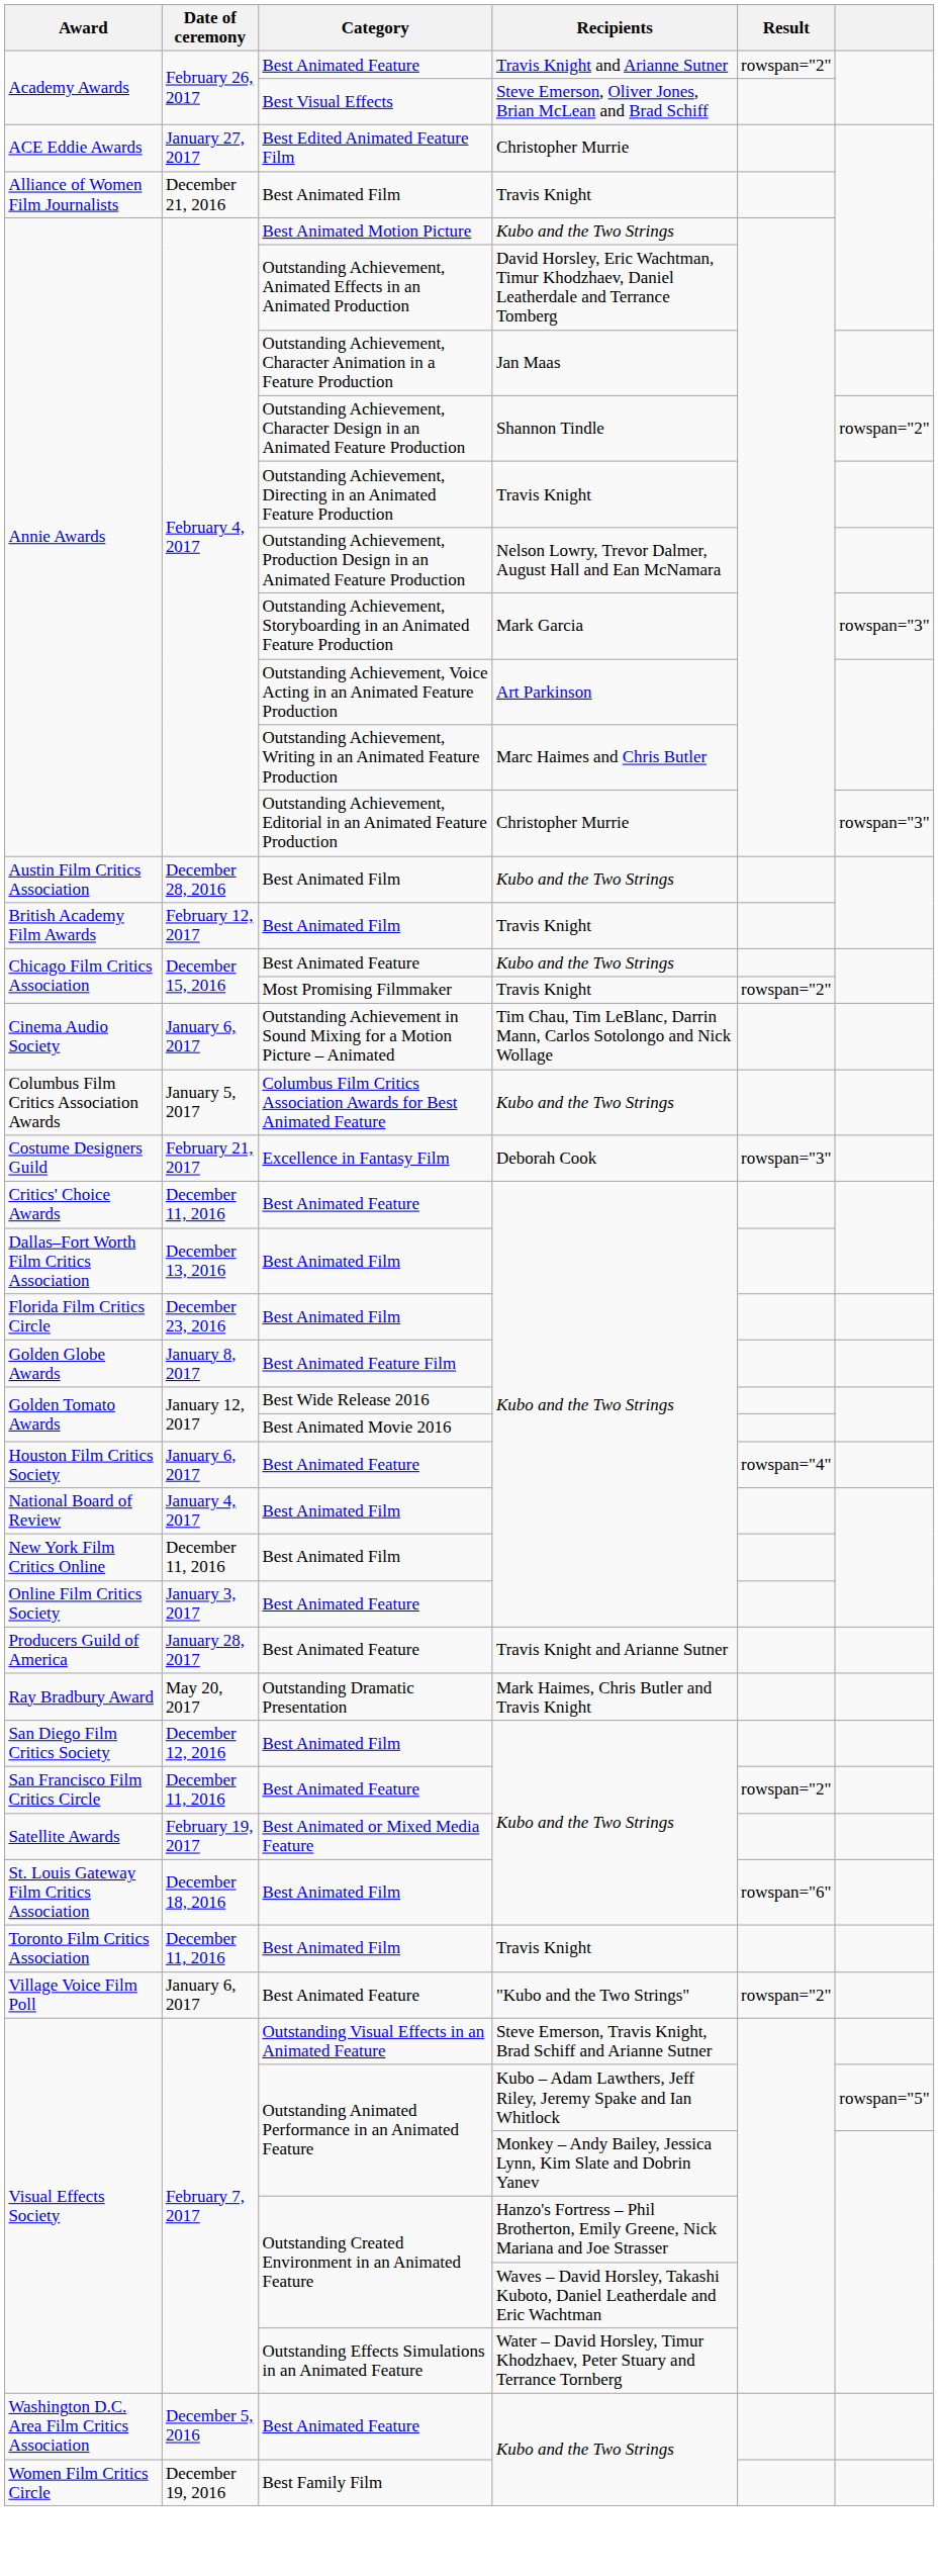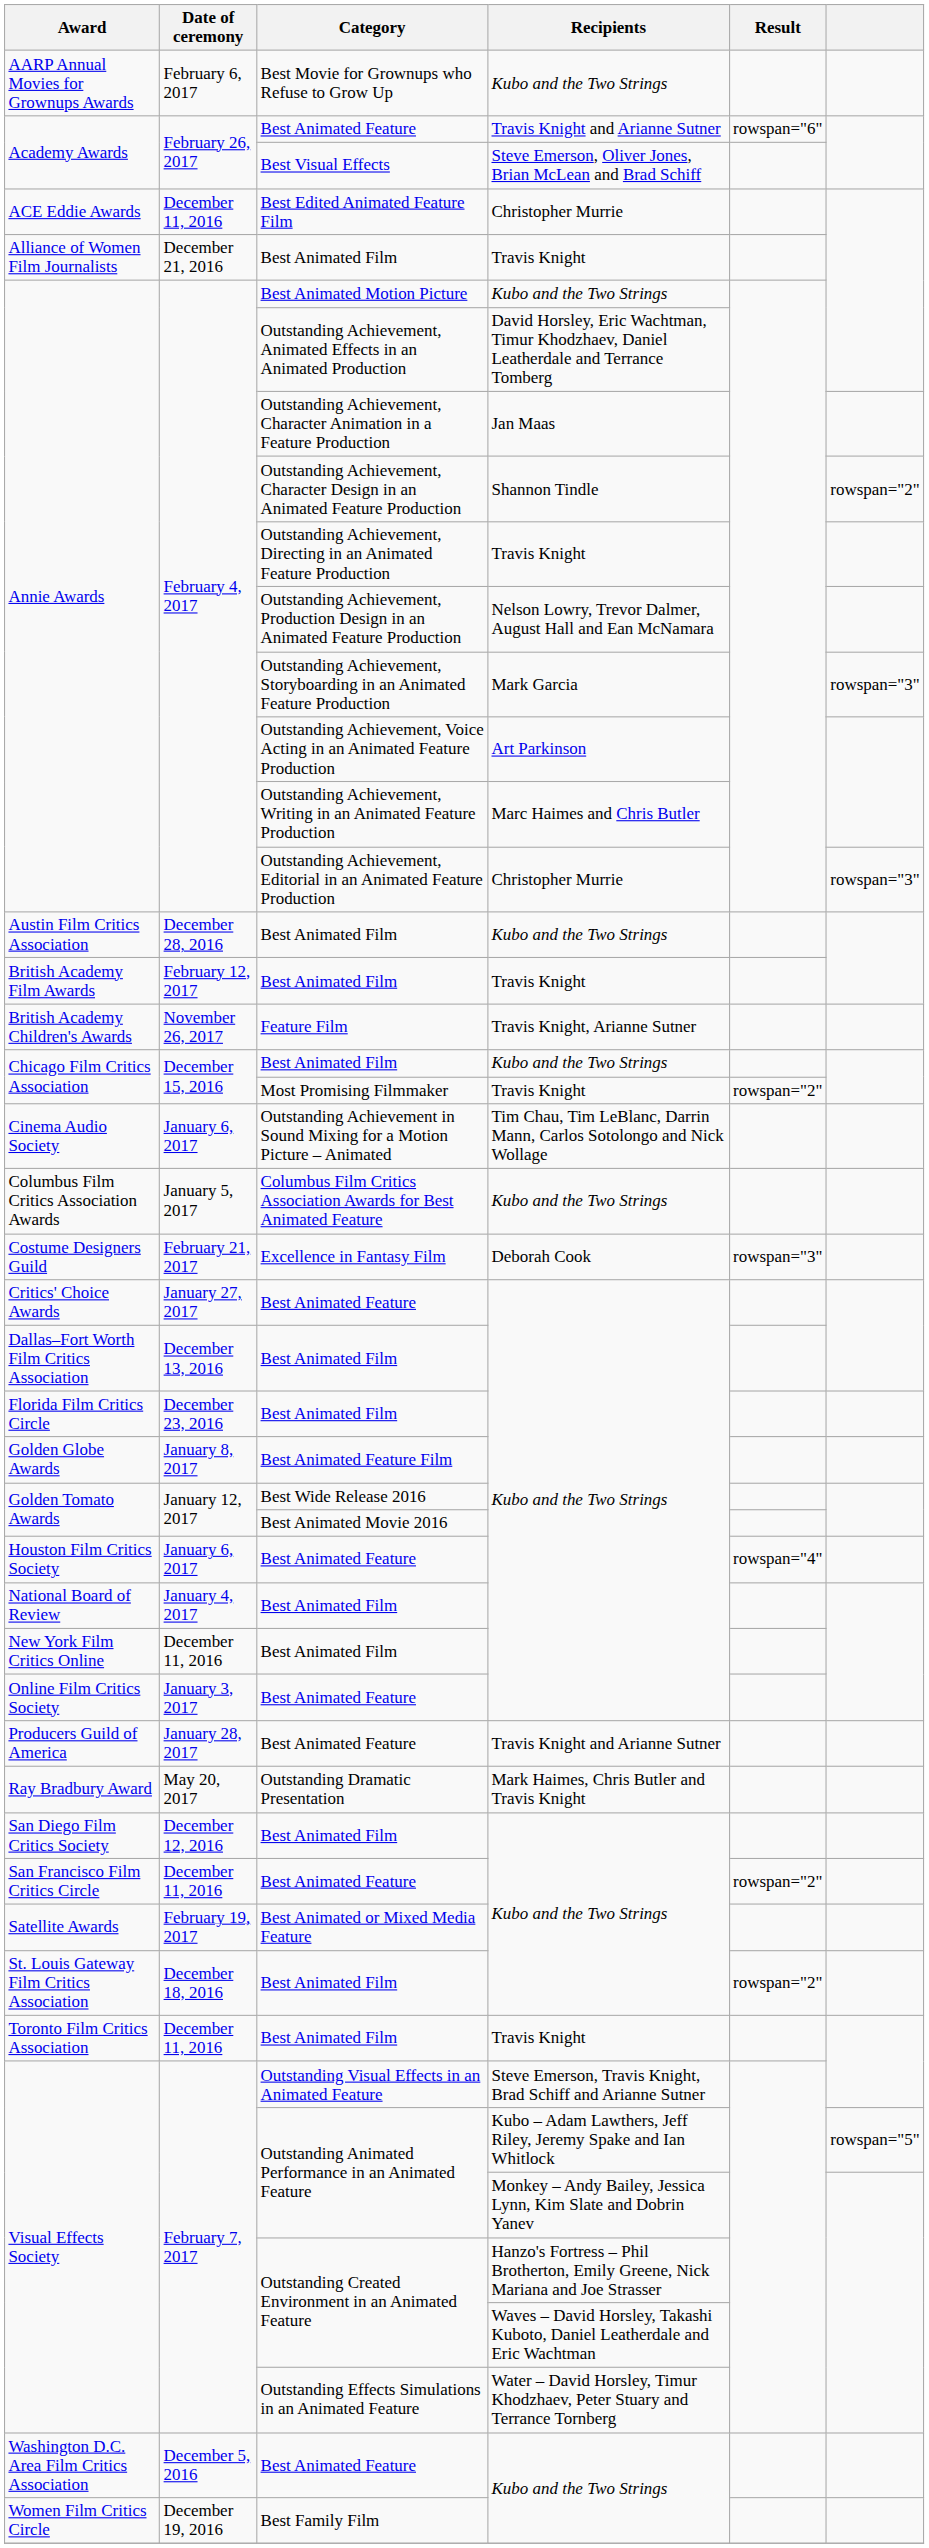 <table class="wikitable plainrowheaders sortable">
 <tr>
 <th scope="col">Award</th>
 <th scope="col">Date of ceremony</th>
 <th scope="col">Category</th>
 <th scope="col">Recipients</th>
 <th scope="col">Result</th>
 <th scope="col" class="unsortable"></th>
 </tr>
 <tr>
+<td><a href='#'>AARP Annual Movies for Grownups Awards</a></td>
+<td>February 6, 2017</td>
+<td>Best Movie for Grownups who Refuse to Grow Up</td>
+<td><em>Kubo and the Two Strings</em></td>
+<td></td>
+<td></td>
+</tr>
+<tr>
 <td rowspan="2"><a href='#'>Academy Awards</a></td>
 <td rowspan="2"><a href='#'>February 26, 2017</a></td>
 <td><a href='#'>Best Animated Feature</a></td>
 <td><a href='#'>Travis Knight</a> and <a href='#'>Arianne Sutner</a></td>
-<td>rowspan="2" </td>
+<td>rowspan="6" </td>
 <td rowspan="2"></td>
 </tr>
 <tr>
 <td><a href='#'>Best Visual Effects</a></td>
 <td><a href='#'>Steve Emerson</a>, <a href='#'>Oliver Jones</a>, <a href='#'>Brian McLean</a> and <a href='#'>Brad Schiff</a></td>
 </tr>
 <tr>
 <td><a href='#'>ACE Eddie Awards</a></td>
-<td><a href='#'>January 27, 2017</a></td>
+<td><a href='#'>December 11, 2016</a></td>
 <td><a href='#'>Best Edited Animated Feature Film</a></td>
 <td>Christopher Murrie</td>
 <td></td>
 </tr>
 <tr>
 <td><a href='#'>Alliance of Women Film Journalists</a></td>
 <td>December 21, 2016</td>
 <td>Best Animated Film</td>
 <td>Travis Knight</td>
 <td></td>
 </tr>
 <tr>
 <td rowspan="10"><a href='#'>Annie Awards</a></td>
 <td rowspan="10"><a href='#'>February 4, 2017</a></td>
 <td><a href='#'>Best Animated Motion Picture</a></td>
 <td><em>Kubo and the Two Strings</em></td>
 <td rowspan="10"></td>
 </tr>
 <tr>
 <td>Outstanding Achievement, Animated Effects in an Animated Production</td>
 <td>David Horsley, Eric Wachtman, Timur Khodzhaev, Daniel Leatherdale and Terrance Tomberg</td>
 </tr>
 <tr>
 <td>Outstanding Achievement, Character Animation in a Feature Production</td>
 <td>Jan Maas</td>
 <td></td>
 </tr>
 <tr>
 <td>Outstanding Achievement, Character Design in an Animated Feature Production</td>
 <td>Shannon Tindle</td>
 <td>rowspan="2" </td>
 </tr>
 <tr>
 <td>Outstanding Achievement, Directing in an Animated Feature Production</td>
 <td>Travis Knight</td>
 </tr>
 <tr>
 <td>Outstanding Achievement, Production Design in an Animated Feature Production</td>
 <td>Nelson Lowry, Trevor Dalmer, August Hall and Ean McNamara</td>
 <td></td>
 </tr>
 <tr>
 <td>Outstanding Achievement, Storyboarding in an Animated Feature Production</td>
 <td>Mark Garcia</td>
 <td>rowspan="3" </td>
 </tr>
 <tr>
 <td>Outstanding Achievement, Voice Acting in an Animated Feature Production</td>
 <td><a href='#'>Art Parkinson</a></td>
 </tr>
 <tr>
 <td>Outstanding Achievement, Writing in an Animated Feature Production</td>
 <td>Marc Haimes and <a href='#'>Chris Butler</a></td>
 </tr>
 <tr>
 <td>Outstanding Achievement, Editorial in an Animated Feature Production</td>
 <td>Christopher Murrie</td>
 <td>rowspan="3" </td>
 </tr>
 <tr>
 <td><a href='#'>Austin Film Critics Association</a></td>
 <td><a href='#'>December 28, 2016</a></td>
 <td>Best Animated Film</td>
 <td><em>Kubo and the Two Strings</em></td>
 <td></td>
 </tr>
 <tr>
 <td><a href='#'>British Academy Film Awards</a></td>
 <td><a href='#'>February 12, 2017</a></td>
 <td><a href='#'>Best Animated Film</a></td>
 <td>Travis Knight</td>
 <td></td>
 </tr>
 <tr>
+<td><a href='#'>British Academy Children's Awards</a></td>
+<td><a href='#'>November 26, 2017</a></td>
+<td><a href='#'>Feature Film</a></td>
+<td>Travis Knight, Arianne Sutner</td>
+<td></td>
+<td></td>
+</tr>
+<tr>
 <td rowspan="2"><a href='#'>Chicago Film Critics Association</a></td>
 <td rowspan="2"><a href='#'>December 15, 2016</a></td>
-<td>Best Animated Feature</td>
+<td><a href='#'>Best Animated Film</a></td>
 <td><em>Kubo and the Two Strings</em></td>
 <td></td>
 <td rowspan="2"></td>
 </tr>
 <tr>
 <td>Most Promising Filmmaker</td>
 <td>Travis Knight</td>
 <td>rowspan="2" </td>
 </tr>
 <tr>
 <td><a href='#'>Cinema Audio Society</a></td>
 <td><a href='#'>January 6, 2017</a></td>
 <td>Outstanding Achievement in Sound Mixing for a Motion Picture – Animated</td>
 <td>Tim Chau, Tim LeBlanc, Darrin Mann, Carlos Sotolongo and Nick Wollage</td>
 <td></td>
 </tr>
 <tr>
 <td>Columbus Film Critics Association Awards</td>
 <td>January 5, 2017</td>
 <td><a href='#'>Columbus Film Critics Association Awards for Best Animated Feature</a></td>
 <td><em>Kubo and the Two Strings</em></td>
 <td></td>
 <td></td>
 </tr>
 <tr>
 <td><a href='#'>Costume Designers Guild</a></td>
 <td><a href='#'>February 21, 2017</a></td>
 <td><a href='#'>Excellence in Fantasy Film</a></td>
 <td>Deborah Cook</td>
 <td>rowspan="3" </td>
 <td></td>
 </tr>
 <tr>
 <td><a href='#'>Critics' Choice Awards</a></td>
-<td><a href='#'>December 11, 2016</a></td>
+<td><a href='#'>January 27, 2017</a></td>
 <td><a href='#'>Best Animated Feature</a></td>
 <td rowspan="10"><em>Kubo and the Two Strings</em></td>
 <td></td>
 </tr>
 <tr>
 <td><a href='#'>Dallas–Fort Worth Film Critics Association</a></td>
 <td><a href='#'>December 13, 2016</a></td>
 <td><a href='#'>Best Animated Film</a></td>
 <td></td>
 </tr>
 <tr>
 <td><a href='#'>Florida Film Critics Circle</a></td>
 <td><a href='#'>December 23, 2016</a></td>
 <td><a href='#'>Best Animated Film</a></td>
 <td></td>
 <td></td>
 </tr>
 <tr>
 <td><a href='#'>Golden Globe Awards</a></td>
 <td><a href='#'>January 8, 2017</a></td>
 <td><a href='#'>Best Animated Feature Film</a></td>
 <td></td>
 <td></td>
 </tr>
 <tr>
 <td rowspan="2"><a href='#'>Golden Tomato Awards</a></td>
 <td rowspan="2">January 12, 2017</td>
 <td>Best Wide Release 2016</td>
 <td></td>
 <td rowspan="2"></td>
 </tr>
 <tr>
 <td>Best Animated Movie 2016</td>
 <td></td>
 </tr>
 <tr>
 <td><a href='#'>Houston Film Critics Society</a></td>
 <td><a href='#'>January 6, 2017</a></td>
 <td><a href='#'>Best Animated Feature</a></td>
 <td>rowspan="4" </td>
 <td></td>
 </tr>
 <tr>
 <td><a href='#'>National Board of Review</a></td>
 <td><a href='#'>January 4, 2017</a></td>
 <td><a href='#'>Best Animated Film</a></td>
 <td></td>
 </tr>
 <tr>
 <td><a href='#'>New York Film Critics Online</a></td>
 <td>December 11, 2016</td>
 <td>Best Animated Film</td>
 <td></td>
 </tr>
 <tr>
 <td><a href='#'>Online Film Critics Society</a></td>
 <td><a href='#'>January 3, 2017</a></td>
 <td><a href='#'>Best Animated Feature</a></td>
 <td></td>
 </tr>
 <tr>
 <td><a href='#'>Producers Guild of America</a></td>
 <td><a href='#'>January 28, 2017</a></td>
 <td>Best Animated Feature</td>
 <td>Travis Knight and Arianne Sutner</td>
 <td></td>
 <td></td>
 </tr>
 <tr>
 <td><a href='#'>Ray Bradbury Award</a></td>
 <td>May 20, 2017</td>
 <td>Outstanding Dramatic Presentation</td>
 <td>Mark Haimes, Chris Butler and Travis Knight</td>
 <td></td>
 <td></td>
 </tr>
 <tr>
 <td><a href='#'>San Diego Film Critics Society</a></td>
 <td><a href='#'>December 12, 2016</a></td>
 <td><a href='#'>Best Animated Film</a></td>
 <td rowspan="4"><em>Kubo and the Two Strings</em></td>
 <td></td>
 <td></td>
 </tr>
 <tr>
 <td><a href='#'>San Francisco Film Critics Circle</a></td>
 <td><a href='#'>December 11, 2016</a></td>
 <td><a href='#'>Best Animated Feature</a></td>
 <td>rowspan="2" </td>
 <td></td>
 </tr>
 <tr>
 <td><a href='#'>Satellite Awards</a></td>
 <td><a href='#'>February 19, 2017</a></td>
 <td><a href='#'>Best Animated or Mixed Media Feature</a></td>
 <td></td>
 </tr>
 <tr>
 <td><a href='#'>St. Louis Gateway Film Critics Association</a></td>
 <td><a href='#'>December 18, 2016</a></td>
 <td><a href='#'>Best Animated Film</a></td>
-<td>rowspan="6" </td>
+<td>rowspan="2" </td>
 <td></td>
 </tr>
 <tr>
 <td><a href='#'>Toronto Film Critics Association</a></td>
 <td><a href='#'>December 11, 2016</a></td>
 <td><a href='#'>Best Animated Film</a></td>
 <td>Travis Knight</td>
-<td></td>
-</tr>
-<tr>
-<td><a href='#'>Village Voice Film Poll</a></td>
-<td>January 6, 2017</td>
-<td>Best Animated Feature</td>
-<td>"Kubo and the Two Strings"</td>
-<td>rowspan="2" </td>
 <td></td>
 </tr>
 <tr>
 <td rowspan="6"><a href='#'>Visual Effects Society</a></td>
 <td rowspan="6"><a href='#'>February 7, 2017</a></td>
 <td><a href='#'>Outstanding Visual Effects in an Animated Feature</a></td>
 <td>Steve Emerson, Travis Knight, Brad Schiff and Arianne Sutner</td>
 <td rowspan="6"></td>
 </tr>
 <tr>
 <td rowspan="2">Outstanding Animated Performance in an Animated Feature</td>
 <td>Kubo – Adam Lawthers, Jeff Riley, Jeremy Spake and Ian Whitlock</td>
 <td>rowspan="5" </td>
 </tr>
 <tr>
 <td>Monkey – Andy Bailey, Jessica Lynn, Kim Slate and Dobrin Yanev</td>
 </tr>
 <tr>
 <td rowspan="2">Outstanding Created Environment in an Animated Feature</td>
 <td>Hanzo's Fortress – Phil Brotherton, Emily Greene, Nick Mariana and Joe Strasser</td>
 </tr>
 <tr>
 <td>Waves – David Horsley, Takashi Kuboto, Daniel Leatherdale and Eric Wachtman</td>
 </tr>
 <tr>
 <td>Outstanding Effects Simulations in an Animated Feature</td>
 <td>Water – David Horsley, Timur Khodzhaev, Peter Stuary and Terrance Tornberg</td>
 </tr>
 <tr>
 <td><a href='#'>Washington D.C. Area Film Critics Association</a></td>
 <td><a href='#'>December 5, 2016</a></td>
 <td><a href='#'>Best Animated Feature</a></td>
 <td rowspan="2"><em>Kubo and the Two Strings</em></td>
 <td></td>
 <td></td>
 </tr>
 <tr>
 <td><a href='#'>Women Film Critics Circle</a></td>
 <td>December 19, 2016</td>
 <td>Best Family Film</td>
 <td></td>
 <td></td>
 </tr>
 <tr>
 </tr>
 </table>
